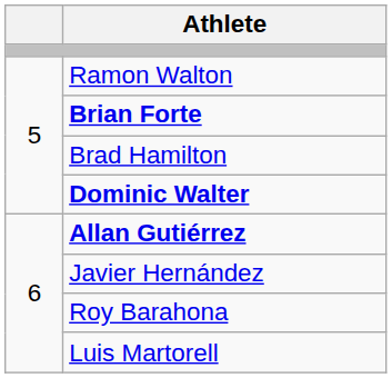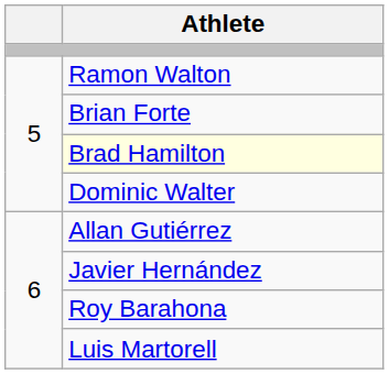 <table class="wikitable">
 <tr>
 <th width="30"></th>
 <th width="200">Athlete</th>
 </tr>
 <tr bgcolor="C0C0C0">
 <td colspan=2></td>
 </tr>
 <tr>
 <td align="center" rowspan=4>5</td>
 <td> <a href='#'>Ramon Walton</a></td>
 </tr>
 <tr>
-<td><strong> <a href='#'>Brian Forte</a></strong></td>
+<td> <a href='#'>Brian Forte</a></td>
 </tr>
 <tr>
-<td> <a href='#'>Brad Hamilton</a></td>
+<td style="background: lightyellow;"> <a href='#'>Brad Hamilton</a></td>
 </tr>
 <tr>
-<td><strong> <a href='#'>Dominic Walter</a></strong></td>
+<td> <a href='#'>Dominic Walter</a></td>
 </tr>
 <tr>
 <td align="center" rowspan=4>6</td>
-<td><strong> <a href='#'>Allan Gutiérrez</a></strong></td>
+<td> <a href='#'>Allan Gutiérrez</a></td>
 </tr>
 <tr>
 <td> <a href='#'>Javier Hernández</a></td>
 </tr>
 <tr>
 <td> <a href='#'>Roy Barahona</a></td>
 </tr>
 <tr>
 <td> <a href='#'>Luis Martorell</a></td>
 </tr>
 </table>
